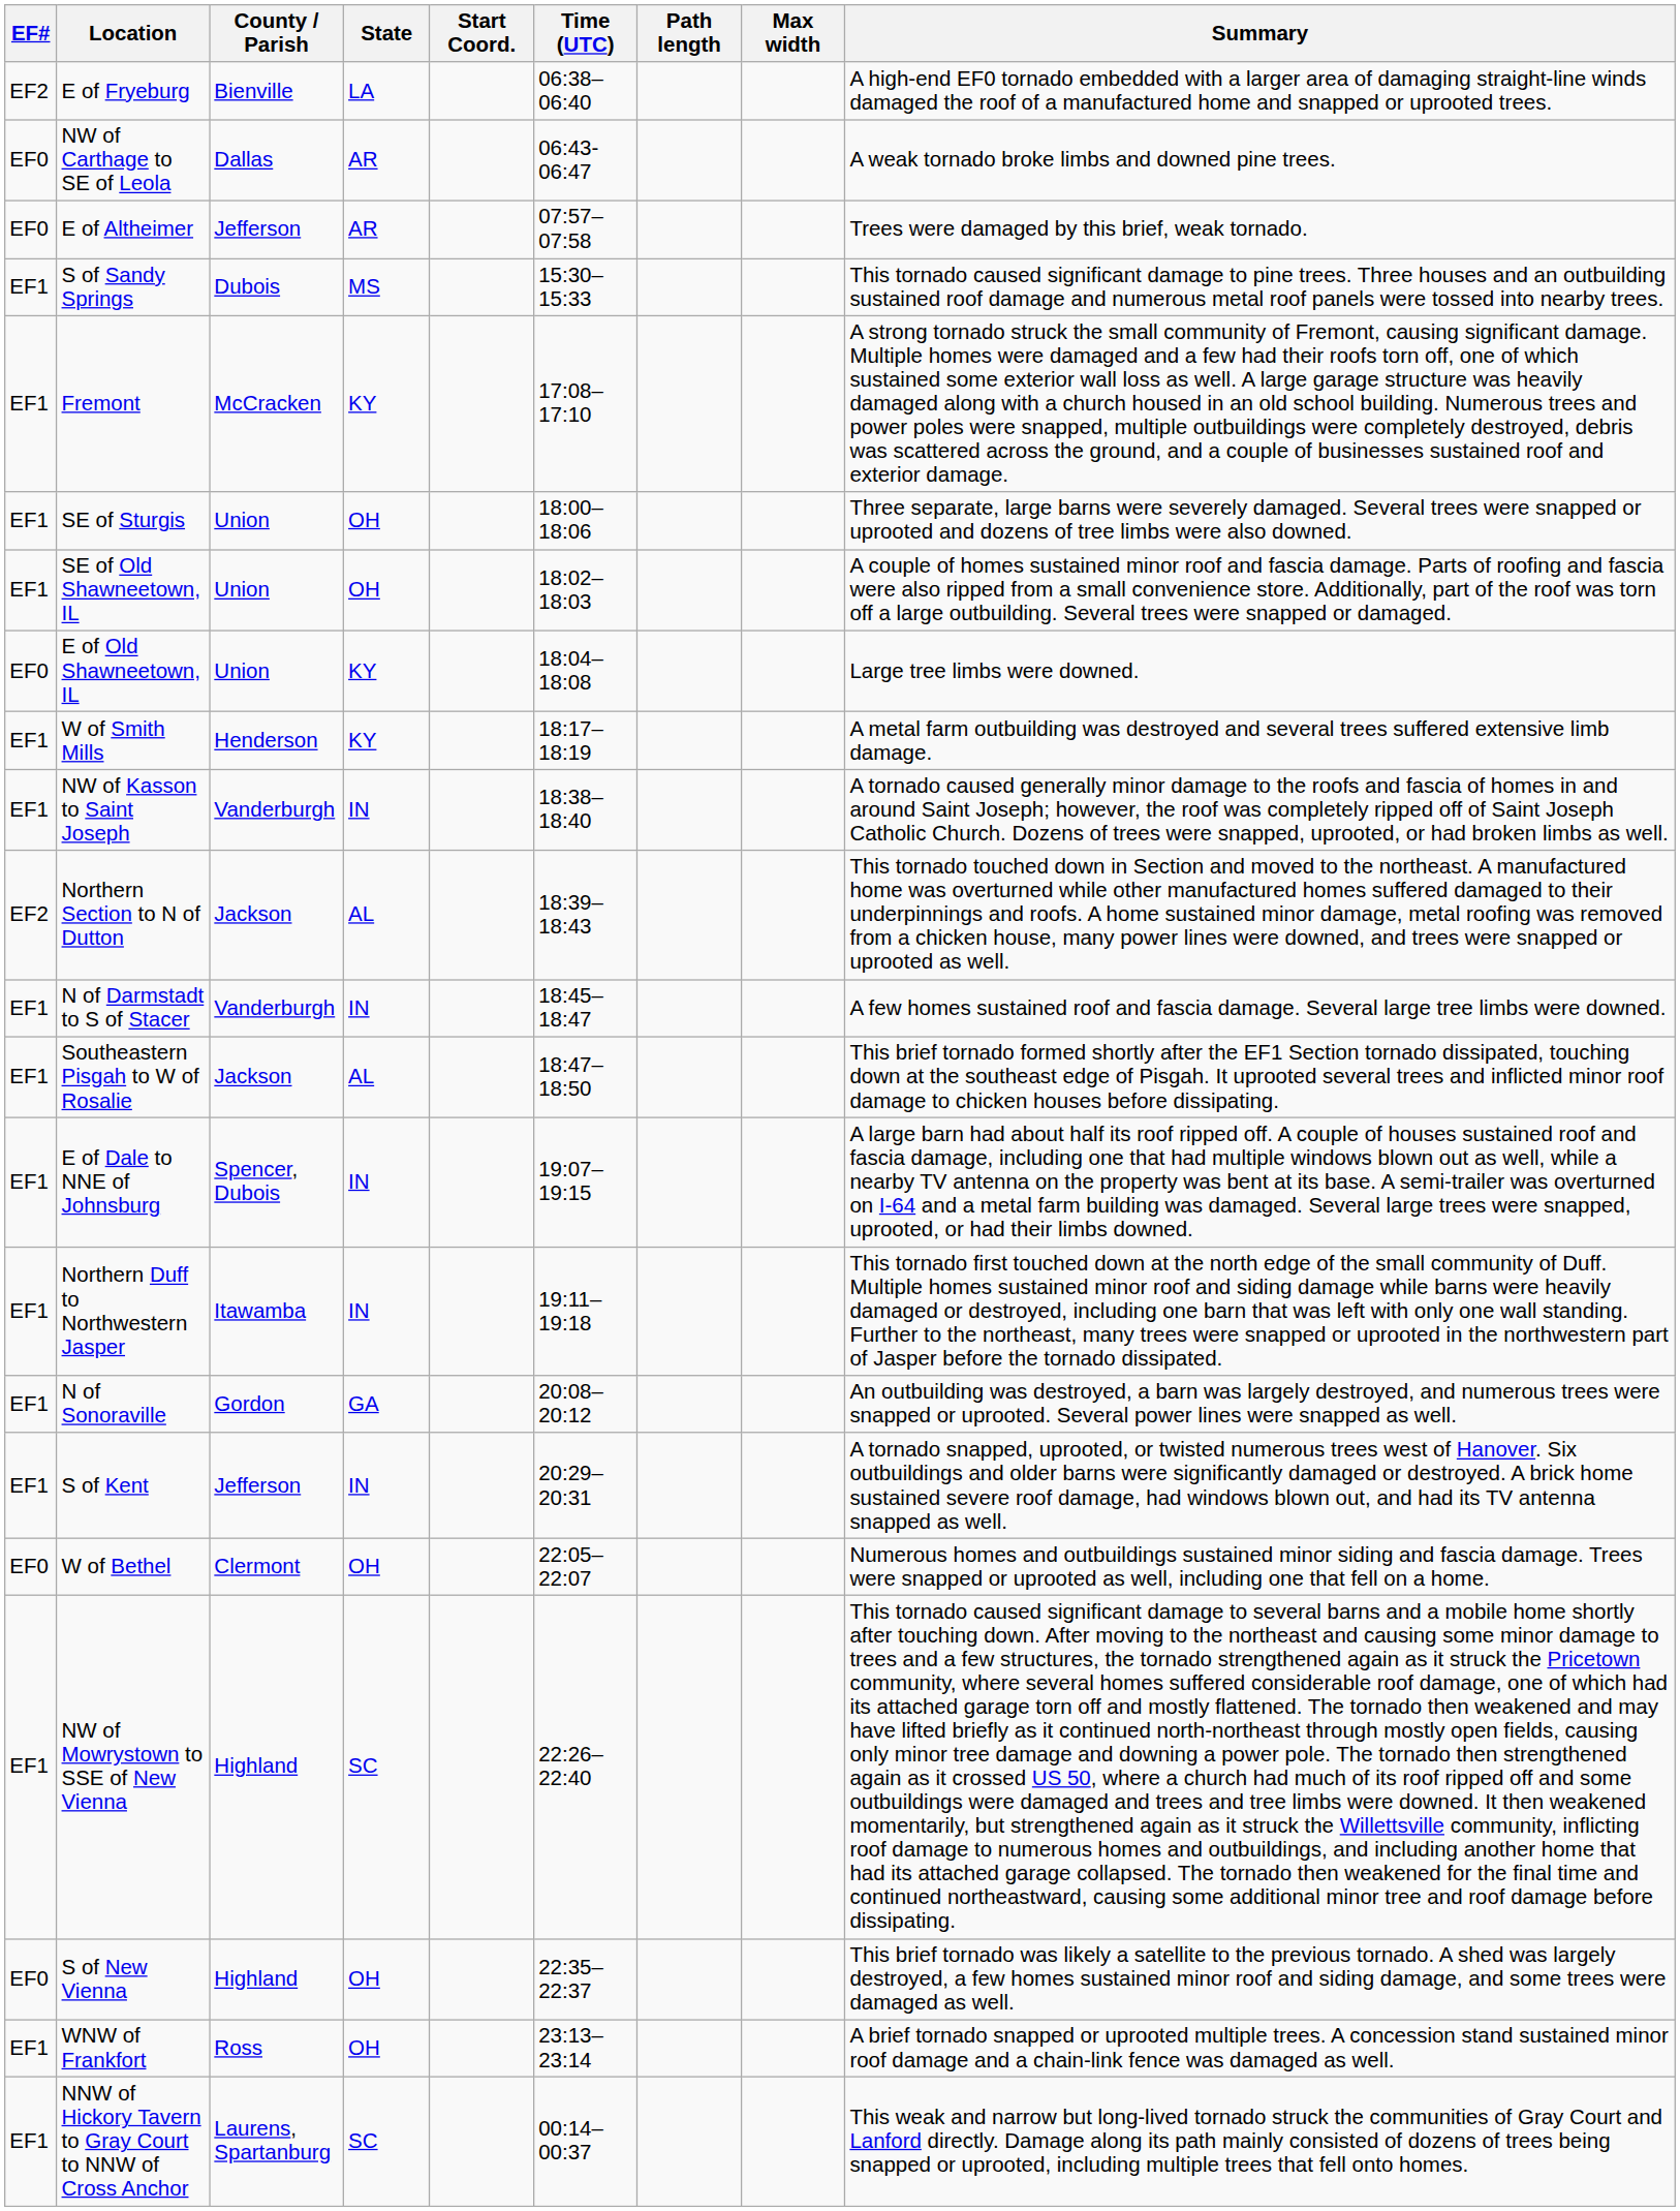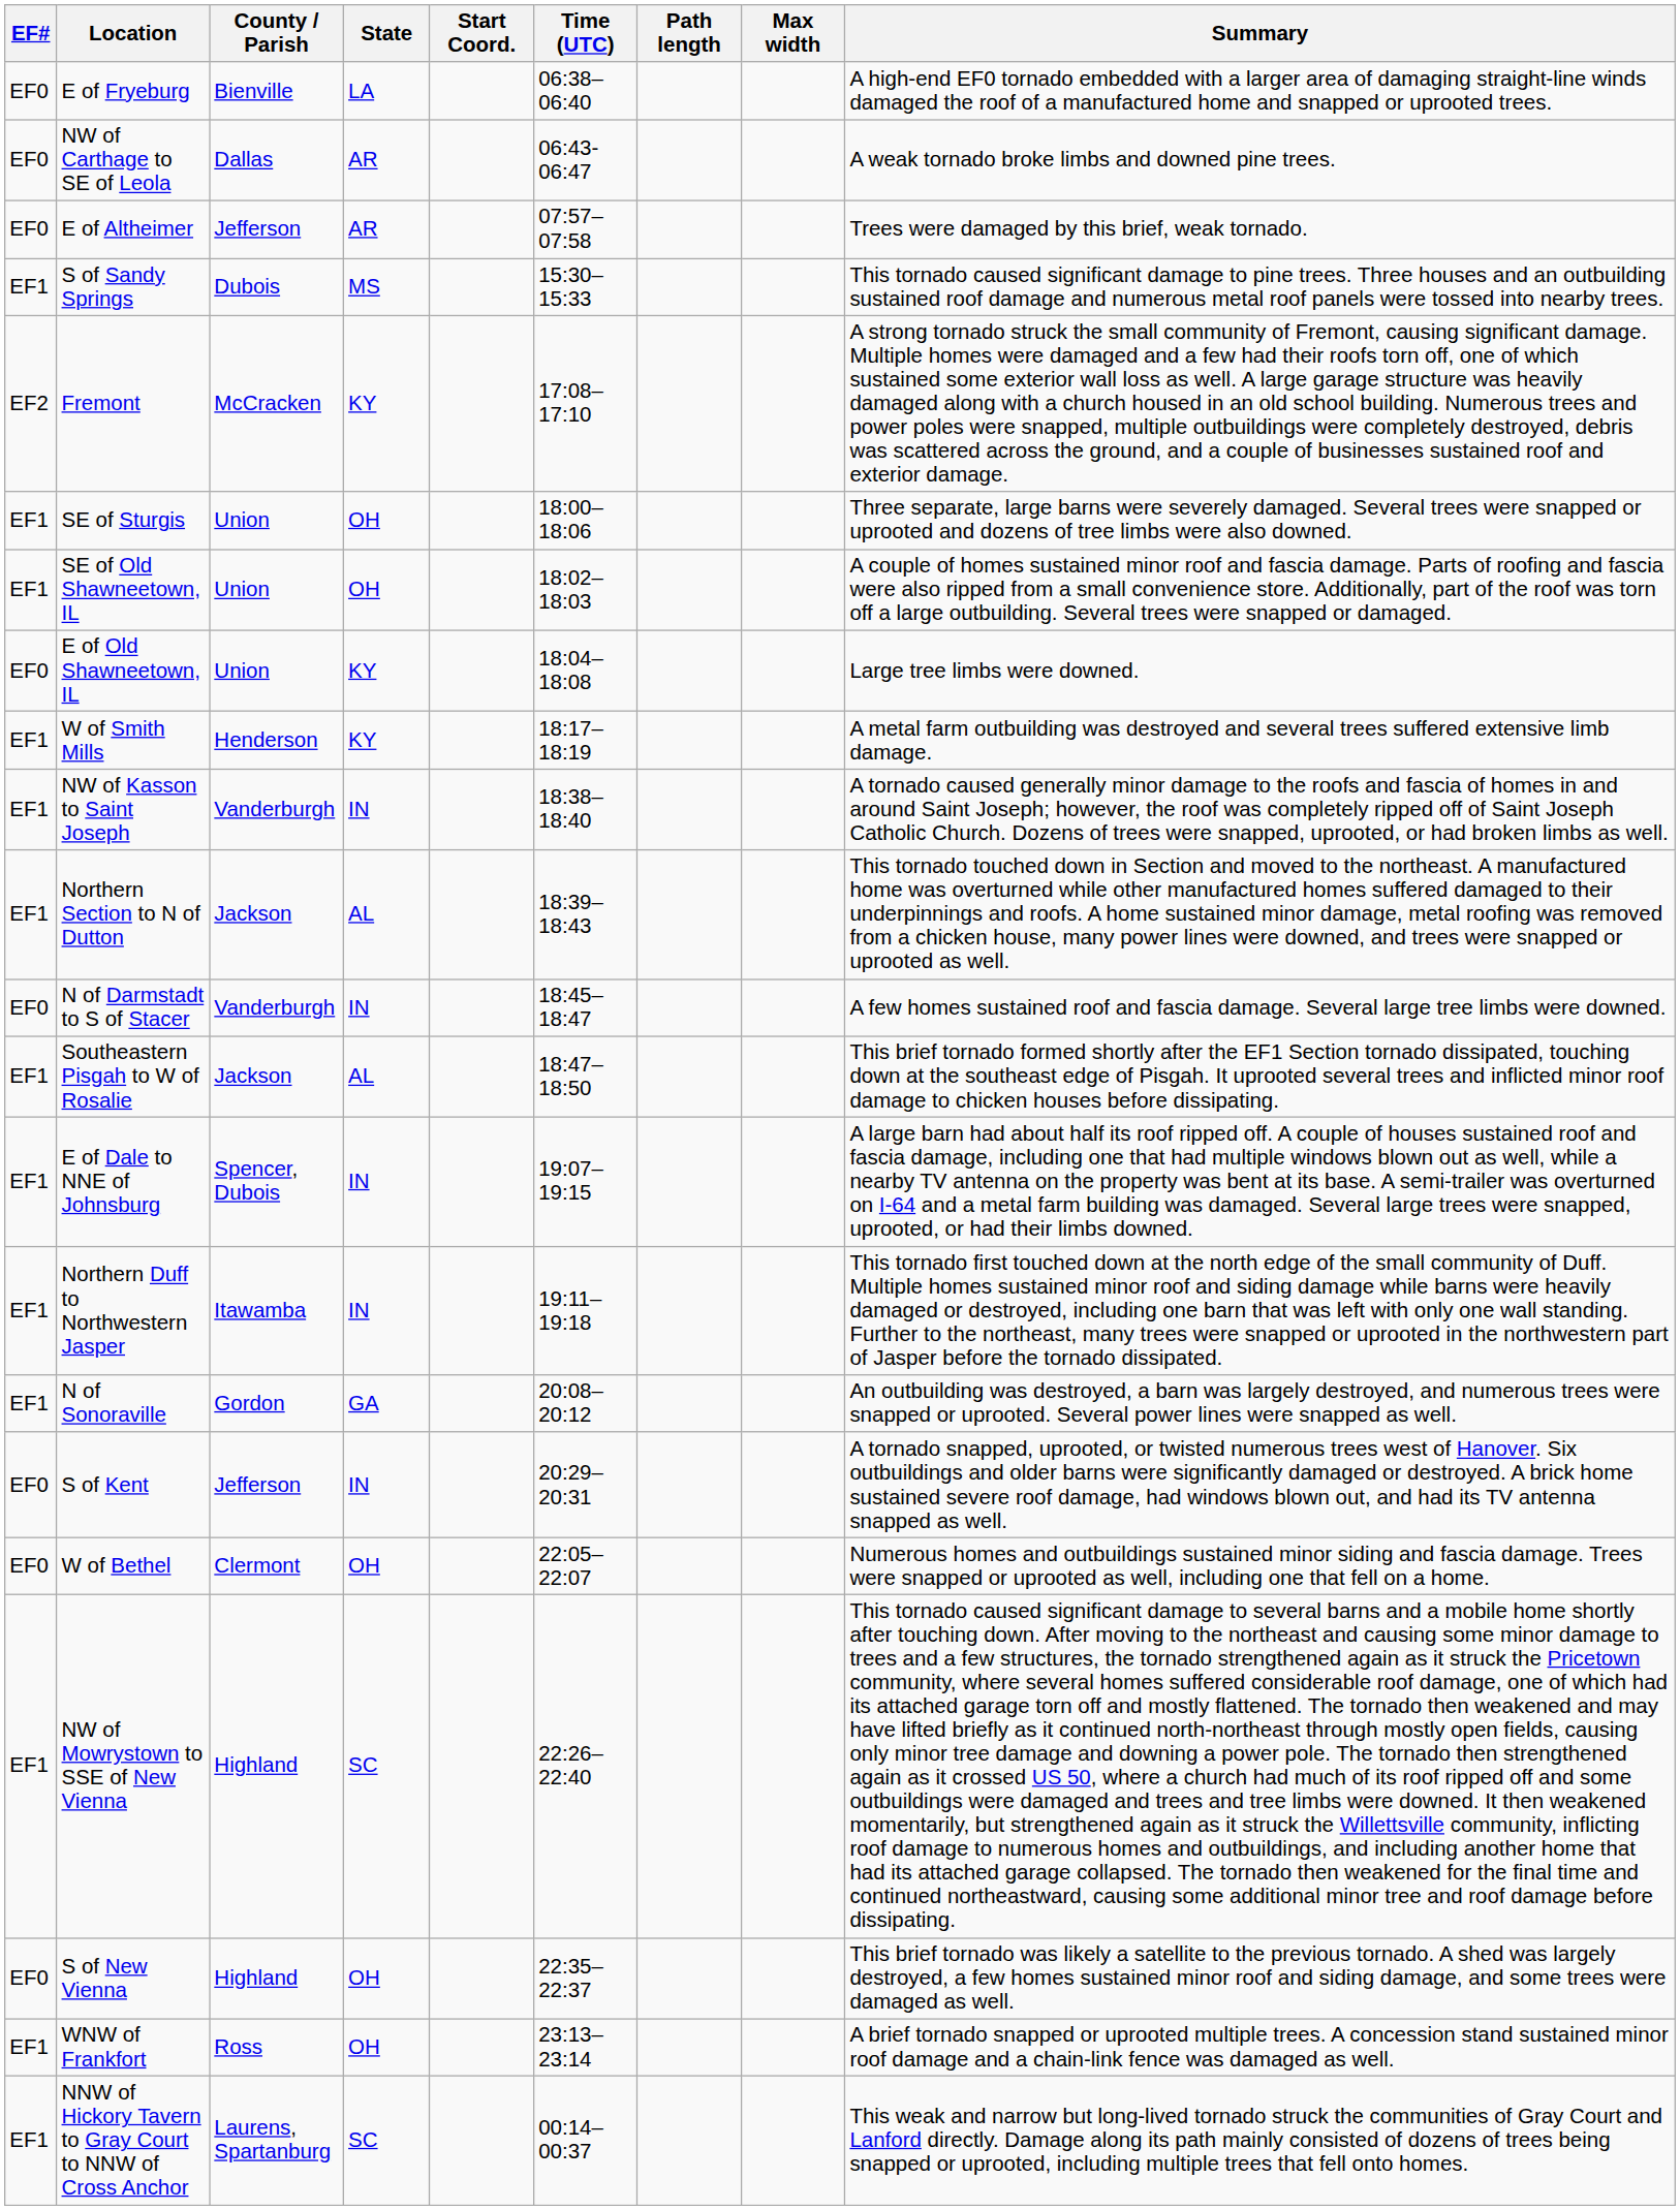 <table class="wikitable sortable" style="width:100%;">
 <tr>
 <th scope="col"  style="width:3%; text-align:center;"><a href='#'>EF#</a></th>
 <th scope="col"  style="width:7%; text-align:center;" class="unsortable">Location</th>
 <th scope="col"  style="width:6%; text-align:center;" class="unsortable">County / Parish</th>
 <th scope="col"  style="width:5%; text-align:center;">State</th>
 <th scope="col"  style="width:6%; text-align:center;">Start Coord.</th>
 <th scope="col"  style="width:6%; text-align:center;">Time (<a href='#'>UTC</a>)</th>
 <th scope="col"  style="width:6%; text-align:center;">Path length</th>
 <th scope="col"  style="width:6%; text-align:center;">Max width</th>
 <th scope="col" class="unsortable" style="width:48%; text-align:center;">Summary</th>
 </tr>
 <tr>
-<td>EF2</td>
+<td>EF0</td>
 <td>E of <a href='#'>Fryeburg</a></td>
 <td><a href='#'>Bienville</a></td>
 <td><a href='#'>LA</a></td>
 <td></td>
 <td>06:38–06:40</td>
 <td></td>
 <td></td>
 <td>A high-end EF0 tornado embedded with a larger area of damaging straight-line winds damaged the roof of a manufactured home and snapped or uprooted trees.</td>
 </tr>
 <tr>
 <td>EF0</td>
 <td>NW of <a href='#'>Carthage</a> to SE of <a href='#'>Leola</a></td>
 <td><a href='#'>Dallas</a></td>
 <td><a href='#'>AR</a></td>
 <td></td>
 <td>06:43-06:47</td>
 <td></td>
 <td></td>
 <td>A weak tornado broke limbs and downed pine trees.</td>
 </tr>
 <tr>
 <td>EF0</td>
 <td>E of <a href='#'>Altheimer</a></td>
 <td><a href='#'>Jefferson</a></td>
 <td><a href='#'>AR</a></td>
 <td></td>
 <td>07:57–07:58</td>
 <td></td>
 <td></td>
 <td>Trees were damaged by this brief, weak tornado.</td>
 </tr>
 <tr>
 <td>EF1</td>
 <td>S of <a href='#'>Sandy Springs</a></td>
 <td><a href='#'>Dubois</a></td>
 <td><a href='#'>MS</a></td>
 <td></td>
 <td>15:30–15:33</td>
 <td></td>
 <td></td>
 <td>This tornado caused significant damage to pine trees. Three houses and an outbuilding sustained roof damage and numerous metal roof panels were tossed into nearby trees.</td>
 </tr>
 <tr>
-<td>EF1</td>
+<td>EF2</td>
 <td><a href='#'>Fremont</a></td>
 <td><a href='#'>McCracken</a></td>
 <td><a href='#'>KY</a></td>
 <td></td>
 <td>17:08–17:10</td>
 <td></td>
 <td></td>
 <td>A strong tornado struck the small community of Fremont, causing significant damage. Multiple homes were damaged and a few had their roofs torn off, one of which sustained some exterior wall loss as well. A large garage structure was heavily damaged along with a church housed in an old school building. Numerous trees and power poles were snapped, multiple outbuildings were completely destroyed, debris was scattered across the ground, and a couple of businesses sustained roof and exterior damage.</td>
 </tr>
 <tr>
 <td>EF1</td>
 <td>SE of <a href='#'>Sturgis</a></td>
 <td><a href='#'>Union</a></td>
 <td><a href='#'>OH</a></td>
 <td></td>
 <td>18:00–18:06</td>
 <td></td>
 <td></td>
 <td>Three separate, large barns were severely damaged. Several trees were snapped or uprooted and dozens of tree limbs were also downed.</td>
 </tr>
 <tr>
 <td>EF1</td>
 <td>SE of <a href='#'>Old Shawneetown, IL</a></td>
 <td><a href='#'>Union</a></td>
 <td><a href='#'>OH</a></td>
 <td></td>
 <td>18:02–18:03</td>
 <td></td>
 <td></td>
 <td>A couple of homes sustained minor roof and fascia damage. Parts of roofing and fascia were also ripped from a small convenience store. Additionally, part of the roof was torn off a large outbuilding. Several trees were snapped or damaged.</td>
 </tr>
 <tr>
 <td>EF0</td>
 <td>E of <a href='#'>Old Shawneetown, IL</a></td>
 <td><a href='#'>Union</a></td>
 <td><a href='#'>KY</a></td>
 <td></td>
 <td>18:04–18:08</td>
 <td></td>
 <td></td>
 <td>Large tree limbs were downed.</td>
 </tr>
 <tr>
 <td>EF1</td>
 <td>W of <a href='#'>Smith Mills</a></td>
 <td><a href='#'>Henderson</a></td>
 <td><a href='#'>KY</a></td>
 <td></td>
 <td>18:17–18:19</td>
 <td></td>
 <td></td>
 <td>A metal farm outbuilding was destroyed and several trees suffered extensive limb damage.</td>
 </tr>
 <tr>
 <td>EF1</td>
 <td>NW of <a href='#'>Kasson</a> to <a href='#'>Saint Joseph</a></td>
 <td><a href='#'>Vanderburgh</a></td>
 <td><a href='#'>IN</a></td>
 <td></td>
 <td>18:38–18:40</td>
 <td></td>
 <td></td>
 <td>A tornado caused generally minor damage to the roofs and fascia of homes in and around Saint Joseph; however, the roof was completely ripped off of Saint Joseph Catholic Church. Dozens of trees were snapped, uprooted, or had broken limbs as well.</td>
 </tr>
 <tr>
-<td>EF2</td>
+<td>EF1</td>
 <td>Northern <a href='#'>Section</a> to N of <a href='#'>Dutton</a></td>
 <td><a href='#'>Jackson</a></td>
 <td><a href='#'>AL</a></td>
 <td></td>
 <td>18:39–18:43</td>
 <td></td>
 <td></td>
 <td>This tornado touched down in Section and moved to the northeast. A manufactured home was overturned while other manufactured homes suffered damaged to their underpinnings and roofs. A home sustained minor damage, metal roofing was removed from a chicken house, many power lines were downed, and trees were snapped or uprooted as well.</td>
 </tr>
 <tr>
-<td>EF1</td>
+<td>EF0</td>
 <td>N of <a href='#'>Darmstadt</a> to S of <a href='#'>Stacer</a></td>
 <td><a href='#'>Vanderburgh</a></td>
 <td><a href='#'>IN</a></td>
 <td></td>
 <td>18:45–18:47</td>
 <td></td>
 <td></td>
 <td>A few homes sustained roof and fascia damage. Several large tree limbs were downed.</td>
 </tr>
 <tr>
 <td>EF1</td>
 <td>Southeastern <a href='#'>Pisgah</a> to W of <a href='#'>Rosalie</a></td>
 <td><a href='#'>Jackson</a></td>
 <td><a href='#'>AL</a></td>
 <td></td>
 <td>18:47–18:50</td>
 <td></td>
 <td></td>
 <td>This brief tornado formed shortly after the EF1 Section tornado dissipated, touching down at the southeast edge of Pisgah. It uprooted several trees and inflicted minor roof damage to chicken houses before dissipating.</td>
 </tr>
 <tr>
 <td>EF1</td>
 <td>E of <a href='#'>Dale</a> to NNE of <a href='#'>Johnsburg</a></td>
 <td><a href='#'>Spencer</a>, <a href='#'>Dubois</a></td>
 <td><a href='#'>IN</a></td>
 <td></td>
 <td>19:07–19:15</td>
 <td></td>
 <td></td>
 <td>A large barn had about half its roof ripped off. A couple of houses sustained roof and fascia damage, including one that had multiple windows blown out as well, while a nearby TV antenna on the property was bent at its base. A semi-trailer was overturned on <a href='#'>I-64</a> and a metal farm building was damaged. Several large trees were snapped, uprooted, or had their limbs downed.</td>
 </tr>
 <tr>
 <td>EF1</td>
 <td>Northern <a href='#'>Duff</a> to Northwestern <a href='#'>Jasper</a></td>
 <td><a href='#'>Itawamba</a></td>
 <td><a href='#'>IN</a></td>
 <td></td>
 <td>19:11–19:18</td>
 <td></td>
 <td></td>
 <td>This tornado first touched down at the north edge of the small community of Duff. Multiple homes sustained minor roof and siding damage while barns were heavily damaged or destroyed, including one barn that was left with only one wall standing. Further to the northeast, many trees were snapped or uprooted in the northwestern part of Jasper before the tornado dissipated.</td>
 </tr>
 <tr>
 <td>EF1</td>
 <td>N of <a href='#'>Sonoraville</a></td>
 <td><a href='#'>Gordon</a></td>
 <td><a href='#'>GA</a></td>
 <td></td>
 <td>20:08–20:12</td>
 <td></td>
 <td></td>
 <td>An outbuilding was destroyed, a barn was largely destroyed, and numerous trees were snapped or uprooted. Several power lines were snapped as well.</td>
 </tr>
 <tr>
-<td>EF1</td>
+<td>EF0</td>
 <td>S of <a href='#'>Kent</a></td>
 <td><a href='#'>Jefferson</a></td>
 <td><a href='#'>IN</a></td>
 <td></td>
 <td>20:29–20:31</td>
 <td></td>
 <td></td>
 <td>A tornado snapped, uprooted, or twisted numerous trees west of <a href='#'>Hanover</a>. Six outbuildings and older barns were significantly damaged or destroyed. A brick home sustained severe roof damage, had windows blown out, and had its TV antenna snapped as well.</td>
 </tr>
 <tr>
 <td>EF0</td>
 <td>W of <a href='#'>Bethel</a></td>
 <td><a href='#'>Clermont</a></td>
 <td><a href='#'>OH</a></td>
 <td></td>
 <td>22:05–22:07</td>
 <td></td>
 <td></td>
 <td>Numerous homes and outbuildings sustained minor siding and fascia damage. Trees were snapped or uprooted as well, including one that fell on a home.</td>
 </tr>
 <tr>
 <td>EF1</td>
 <td>NW of <a href='#'>Mowrystown</a> to SSE of <a href='#'>New Vienna</a></td>
 <td><a href='#'>Highland</a></td>
 <td><a href='#'>SC</a></td>
 <td></td>
 <td>22:26–22:40</td>
 <td></td>
 <td></td>
 <td>This tornado caused significant damage to several barns and a mobile home shortly after touching down. After moving to the northeast and causing some minor damage to trees and a few structures, the tornado strengthened again as it struck the <a href='#'>Pricetown</a> community, where several homes suffered considerable roof damage, one of which had its attached garage torn off and mostly flattened. The tornado then weakened and may have lifted briefly as it continued north-northeast through mostly open fields, causing only minor tree damage and downing a power pole. The tornado then strengthened again as it crossed <a href='#'>US 50</a>, where a church had much of its roof ripped off and some outbuildings were damaged and trees and tree limbs were downed. It then weakened momentarily, but strengthened again as it struck the <a href='#'>Willettsville</a> community, inflicting roof damage to numerous homes and outbuildings, and including another home that had its attached garage collapsed. The tornado then weakened for the final time and continued northeastward, causing some additional minor tree and roof damage before dissipating.</td>
 </tr>
 <tr>
 <td>EF0</td>
 <td>S of <a href='#'>New Vienna</a></td>
 <td><a href='#'>Highland</a></td>
 <td><a href='#'>OH</a></td>
 <td></td>
 <td>22:35–22:37</td>
 <td></td>
 <td></td>
 <td>This brief tornado was likely a satellite to the previous tornado. A shed was largely destroyed, a few homes sustained minor roof and siding damage, and some trees were damaged as well.</td>
 </tr>
 <tr>
 <td>EF1</td>
 <td>WNW of <a href='#'>Frankfort</a></td>
 <td><a href='#'>Ross</a></td>
 <td><a href='#'>OH</a></td>
 <td></td>
 <td>23:13–23:14</td>
 <td></td>
 <td></td>
 <td>A brief tornado snapped or uprooted multiple trees. A concession stand sustained minor roof damage and a chain-link fence was damaged as well.</td>
 </tr>
 <tr>
 <td>EF1</td>
 <td>NNW of <a href='#'>Hickory Tavern</a> to <a href='#'>Gray Court</a> to NNW of <a href='#'>Cross Anchor</a></td>
 <td><a href='#'>Laurens</a>, <a href='#'>Spartanburg</a></td>
 <td><a href='#'>SC</a></td>
 <td></td>
 <td>00:14–00:37</td>
 <td></td>
 <td></td>
 <td>This weak and narrow but long-lived tornado struck the communities of Gray Court and <a href='#'>Lanford</a> directly. Damage along its path mainly consisted of dozens of trees being snapped or uprooted, including multiple trees that fell onto homes.</td>
 </tr>
 <tr>
 </tr>
 </table>
